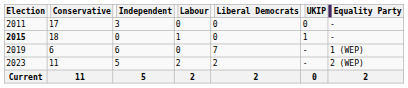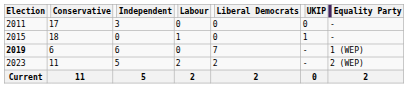 <table class="wikitable">
 <tr>
 <th>Election</th>
 <td></td>
 <th>Conservative</th>
 <td></td>
 <th>Independent</th>
 <td></td>
 <th>Labour</th>
 <td></td>
 <th>Liberal Democrats</th>
 <td></td>
 <th>UKIP</th>
 <td bgcolor=#432360></td>
 <th>Equality Party</th>
 </tr>
 <tr>
 <td>2011</td>
 <td colspan="2">17</td>
 <td colspan="2">3</td>
 <td colspan="2">0</td>
 <td colspan="2">0</td>
 <td colspan="2">0</td>
 <td colspan="2">-</td>
 </tr>
 <tr>
-<td><strong>2015</strong></td>
+<td>2015</td>
 <td colspan="2">18</td>
 <td colspan="2">0</td>
 <td colspan="2">1</td>
 <td colspan="2">0</td>
 <td colspan="2">1</td>
 <td colspan="2">-</td>
 </tr>
 <tr>
-<td>2019</td>
+<td><strong>2019</strong></td>
 <td colspan="2">6</td>
 <td colspan="2">6</td>
 <td colspan="2">0</td>
 <td colspan="2">7</td>
 <td colspan="2">-</td>
 <td colspan="2">1 (WEP)</td>
 </tr>
 <tr>
 <td>2023</td>
 <td colspan="2">11</td>
 <td colspan="2">5</td>
 <td colspan="2">2</td>
 <td colspan="2">2</td>
 <td colspan="2">-</td>
 <td colspan="2">2 (WEP)</td>
 </tr>
 <tr>
 <th>Current</th>
 <th colspan="2">11</th>
 <th colspan="2">5</th>
 <th colspan="2">2</th>
 <th colspan="2">2</th>
 <th colspan="2">0</th>
 <th colspan="2">2</th>
 </tr>
 </table>
